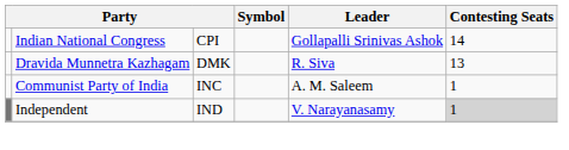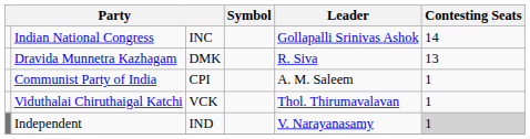 <table class="wikitable">
 <tr>
 <th colspan="3">Party</th>
 <th>Symbol</th>
 <th>Leader</th>
 <th>Contesting Seats</th>
 </tr>
 <tr>
 <td></td>
 <td><a href='#'>Indian National Congress</a></td>
-<td>CPI</td>
+<td>INC</td>
 <td></td>
 <td><a href='#'>Gollapalli Srinivas Ashok</a></td>
 <td>14</td>
 </tr>
 <tr>
 <td></td>
 <td><a href='#'>Dravida Munnetra Kazhagam</a></td>
 <td>DMK</td>
 <td></td>
 <td><a href='#'>R. Siva</a></td>
 <td>13</td>
 </tr>
 <tr>
 <td></td>
 <td><a href='#'>Communist Party of India</a></td>
-<td>INC</td>
+<td>CPI</td>
 <td></td>
 <td>A. M. Saleem</td>
+<td>1</td>
+</tr>
+<tr>
+<td></td>
+<td><a href='#'>Viduthalai Chiruthaigal Katchi</a></td>
+<td>VCK</td>
+<td></td>
+<td><a href='#'>Thol. Thirumavalavan</a></td>
 <td>1</td>
 </tr>
 <tr>
 <td bgcolor=#757575></td>
 <td>Independent</td>
 <td>IND</td>
 <td></td>
 <td><a href='#'>V. Narayanasamy</a></td>
 <td style="background: lightgrey;">1</td>
 </tr>
 <tr>
 </tr>
 </table>
